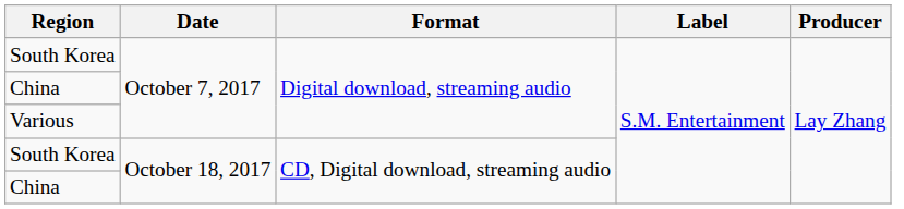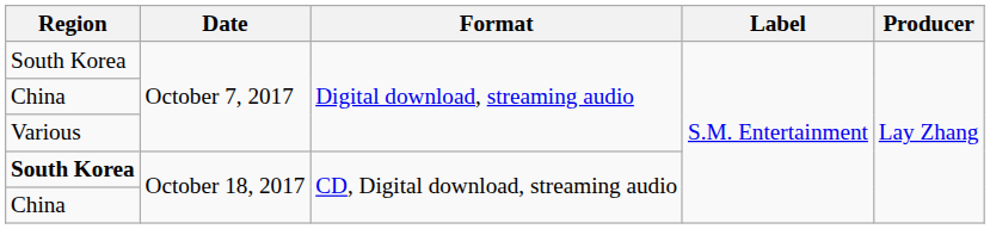 <table class="wikitable">
 <tr>
 <th>Region</th>
 <th>Date</th>
 <th>Format</th>
 <th>Label</th>
 <th>Producer</th>
 </tr>
 <tr>
 <td>South Korea</td>
 <td rowspan="3">October 7, 2017</td>
 <td rowspan="3"><a href='#'>Digital download</a>, <a href='#'>streaming audio</a></td>
 <td rowspan="5"><a href='#'>S.M. Entertainment</a></td>
 <td rowspan="5"><a href='#'>Lay Zhang</a></td>
 </tr>
 <tr>
 <td>China</td>
 </tr>
 <tr>
 <td>Various</td>
 </tr>
 <tr>
-<td>South Korea</td>
+<td><strong>South Korea</strong></td>
 <td rowspan="2">October 18, 2017</td>
 <td rowspan="2"><a href='#'>CD</a>, Digital download, streaming audio</td>
 </tr>
 <tr>
 <td>China</td>
 </tr>
 </table>
